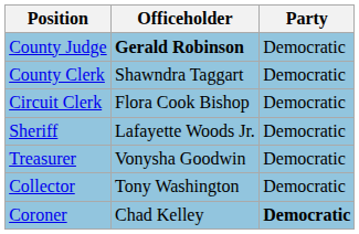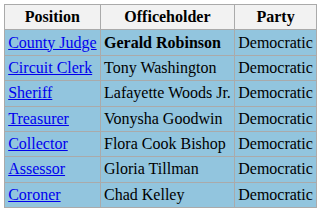 <table class="wikitable mw-collapsible">
 <tr>
 <th>Position</th>
 <th>Officeholder</th>
 <th>Party</th>
 </tr>
 <tr style="background-color:#92C5DE;">
 <td><a href='#'>County Judge</a></td>
 <td><strong>Gerald Robinson</strong></td>
 <td>Democratic</td>
 </tr>
 <tr style="background-color:#92C5DE;">
-<td><a href='#'>County Clerk</a></td>
-<td>Shawndra Taggart</td>
-<td>Democratic</td>
-</tr>
-<tr style="background-color:#92C5DE;">
 <td><a href='#'>Circuit Clerk</a></td>
-<td>Flora Cook Bishop</td>
+<td>Tony Washington</td>
 <td>Democratic</td>
 </tr>
 <tr style="background-color:#92C5DE;">
 <td><a href='#'>Sheriff</a></td>
 <td>Lafayette Woods Jr.</td>
 <td>Democratic</td>
 </tr>
 <tr style="background-color:#92C5DE;">
 <td><a href='#'>Treasurer</a></td>
 <td>Vonysha Goodwin</td>
 <td>Democratic</td>
 </tr>
 <tr style="background-color:#92C5DE;">
 <td><a href='#'>Collector</a></td>
-<td>Tony Washington</td>
+<td>Flora Cook Bishop</td>
+<td>Democratic</td>
+</tr>
+<tr style="background-color:#92C5DE;">
+<td><a href='#'>Assessor</a></td>
+<td>Gloria Tillman</td>
 <td>Democratic</td>
 </tr>
 <tr style="background-color:#92C5DE;">
 <td><a href='#'>Coroner</a></td>
 <td>Chad Kelley</td>
-<td><strong>Democratic</strong></td>
+<td>Democratic</td>
 </tr>
 </table>
